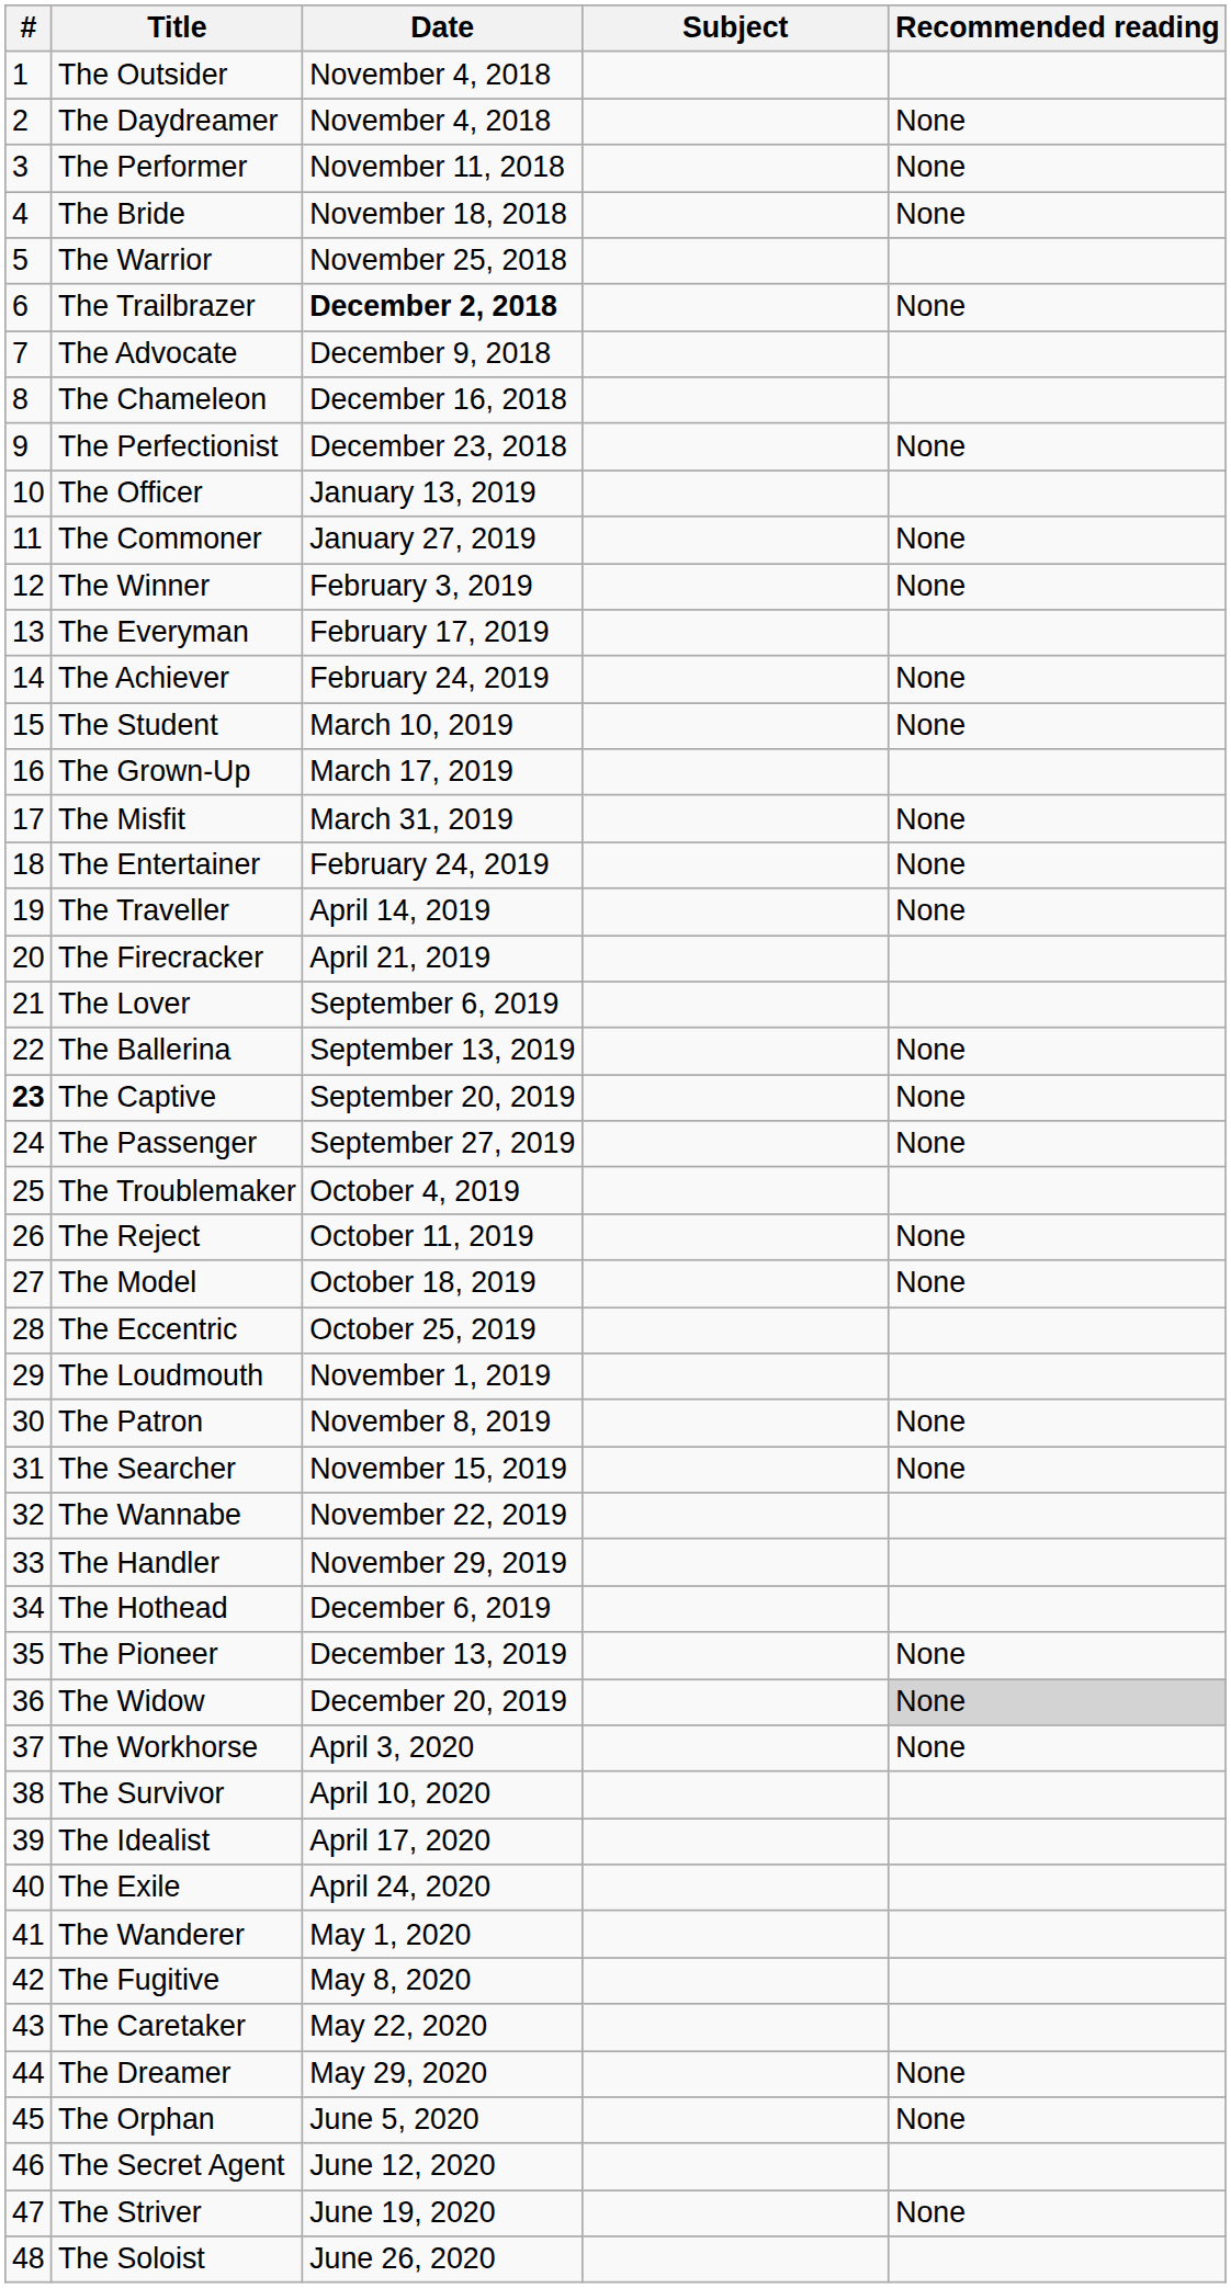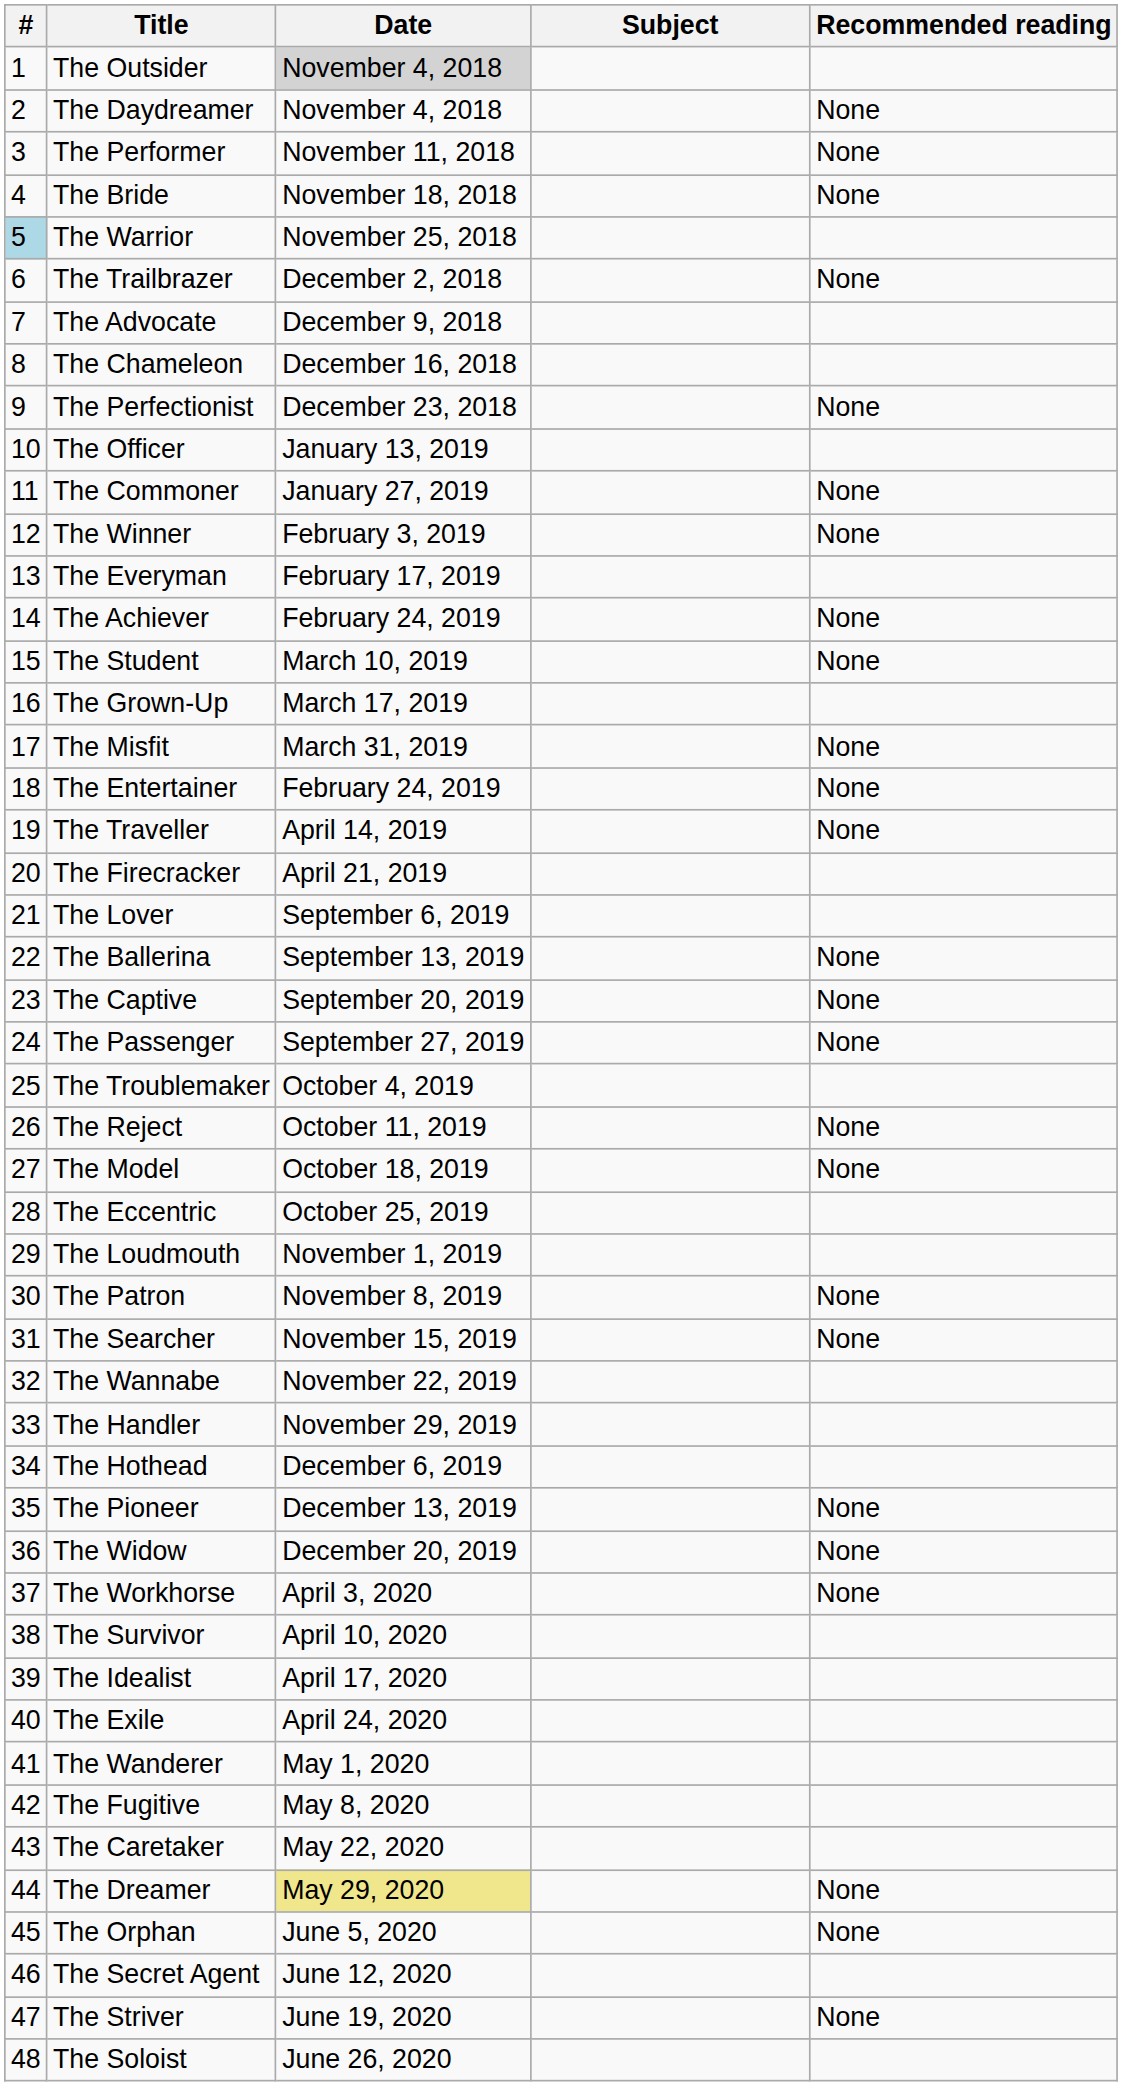 <table class="wikitable mw-collapsible mw-collapsed">
 <tr>
 <th>#</th>
 <th>Title</th>
 <th>Date</th>
 <th scope="col" style="width: 120pt;">Subject</th>
 <th>Recommended reading</th>
 </tr>
 <tr>
 <td>1</td>
 <td>The Outsider</td>
-<td>November 4, 2018</td>
+<td style="background: lightgrey;">November 4, 2018</td>
 <td></td>
 <td></td>
 </tr>
 <tr>
 <td>2</td>
 <td>The Daydreamer</td>
 <td>November 4, 2018</td>
 <td></td>
 <td>None</td>
 </tr>
 <tr>
 <td>3</td>
 <td>The Performer</td>
 <td>November 11, 2018</td>
 <td></td>
 <td>None</td>
 </tr>
 <tr>
 <td>4</td>
 <td>The Bride</td>
 <td>November 18, 2018</td>
 <td></td>
 <td>None</td>
 </tr>
 <tr>
-<td>5</td>
+<td style="background: lightblue;">5</td>
 <td>The Warrior</td>
 <td>November 25, 2018</td>
 <td></td>
 <td></td>
 </tr>
 <tr>
 <td>6</td>
 <td>The Trailbrazer</td>
-<td><strong>December 2, 2018</strong></td>
+<td>December 2, 2018</td>
 <td></td>
 <td>None</td>
 </tr>
 <tr>
 <td>7</td>
 <td>The Advocate</td>
 <td>December 9, 2018</td>
 <td></td>
 <td></td>
 </tr>
 <tr>
 <td>8</td>
 <td>The Chameleon</td>
 <td>December 16, 2018</td>
 <td></td>
 <td></td>
 </tr>
 <tr>
 <td>9</td>
 <td>The Perfectionist</td>
 <td>December 23, 2018</td>
 <td></td>
 <td>None</td>
 </tr>
 <tr>
 <td>10</td>
 <td>The Officer</td>
 <td>January 13, 2019</td>
 <td></td>
 <td></td>
 </tr>
 <tr>
 <td>11</td>
 <td>The Commoner</td>
 <td>January 27, 2019</td>
 <td></td>
 <td>None</td>
 </tr>
 <tr>
 <td>12</td>
 <td>The Winner</td>
 <td>February 3, 2019</td>
 <td></td>
 <td>None</td>
 </tr>
 <tr>
 <td>13</td>
 <td>The Everyman</td>
 <td>February 17, 2019</td>
 <td></td>
 <td></td>
 </tr>
 <tr>
 <td>14</td>
 <td>The Achiever</td>
 <td>February 24, 2019</td>
 <td></td>
 <td>None</td>
 </tr>
 <tr>
 <td>15</td>
 <td>The Student</td>
 <td>March 10, 2019</td>
 <td></td>
 <td>None</td>
 </tr>
 <tr>
 <td>16</td>
 <td>The Grown-Up</td>
 <td>March 17, 2019</td>
 <td></td>
 <td></td>
 </tr>
 <tr>
 <td>17</td>
 <td>The Misfit</td>
 <td>March 31, 2019</td>
 <td></td>
 <td>None</td>
 </tr>
 <tr>
 <td>18</td>
 <td>The Entertainer</td>
 <td>February 24, 2019</td>
 <td></td>
 <td>None</td>
 </tr>
 <tr>
 <td>19</td>
 <td>The Traveller</td>
 <td>April 14, 2019</td>
 <td></td>
 <td>None</td>
 </tr>
 <tr>
 <td>20</td>
 <td>The Firecracker</td>
 <td>April 21, 2019</td>
 <td></td>
 <td></td>
 </tr>
 <tr>
 <td>21</td>
 <td>The Lover</td>
 <td>September 6, 2019</td>
 <td></td>
 <td></td>
 </tr>
 <tr>
 <td>22</td>
 <td>The Ballerina</td>
 <td>September 13, 2019</td>
 <td></td>
 <td>None</td>
 </tr>
 <tr>
-<td><strong>23</strong></td>
+<td>23</td>
 <td>The Captive</td>
 <td>September 20, 2019</td>
 <td></td>
 <td>None</td>
 </tr>
 <tr>
 <td>24</td>
 <td>The Passenger</td>
 <td>September 27, 2019</td>
 <td></td>
 <td>None</td>
 </tr>
 <tr>
 <td>25</td>
 <td>The Troublemaker</td>
 <td>October 4, 2019</td>
 <td></td>
 <td></td>
 </tr>
 <tr>
 <td>26</td>
 <td>The Reject</td>
 <td>October 11, 2019</td>
 <td></td>
 <td>None</td>
 </tr>
 <tr>
 <td>27</td>
 <td>The Model</td>
 <td>October 18, 2019</td>
 <td></td>
 <td>None</td>
 </tr>
 <tr>
 <td>28</td>
 <td>The Eccentric</td>
 <td>October 25, 2019</td>
 <td></td>
 <td></td>
 </tr>
 <tr>
 <td>29</td>
 <td>The Loudmouth</td>
 <td>November 1, 2019</td>
 <td></td>
 <td></td>
 </tr>
 <tr>
 <td>30</td>
 <td>The Patron</td>
 <td>November 8, 2019</td>
 <td></td>
 <td>None</td>
 </tr>
 <tr>
 <td>31</td>
 <td>The Searcher</td>
 <td>November 15, 2019</td>
 <td></td>
 <td>None</td>
 </tr>
 <tr>
 <td>32</td>
 <td>The Wannabe</td>
 <td>November 22, 2019</td>
 <td></td>
 <td></td>
 </tr>
 <tr>
 <td>33</td>
 <td>The Handler</td>
 <td>November 29, 2019</td>
 <td></td>
 <td></td>
 </tr>
 <tr>
 <td>34</td>
 <td>The Hothead</td>
 <td>December 6, 2019</td>
 <td></td>
 <td></td>
 </tr>
 <tr>
 <td>35</td>
 <td>The Pioneer</td>
 <td>December 13, 2019</td>
 <td></td>
 <td>None</td>
 </tr>
 <tr>
 <td>36</td>
 <td>The Widow</td>
 <td>December 20, 2019</td>
 <td></td>
-<td style="background: lightgrey;">None</td>
+<td>None</td>
 </tr>
 <tr>
 <td>37</td>
 <td>The Workhorse</td>
 <td>April 3, 2020</td>
 <td></td>
 <td>None</td>
 </tr>
 <tr>
 <td>38</td>
 <td>The Survivor</td>
 <td>April 10, 2020</td>
 <td></td>
 <td></td>
 </tr>
 <tr>
 <td>39</td>
 <td>The Idealist</td>
 <td>April 17, 2020</td>
 <td></td>
 <td></td>
 </tr>
 <tr>
 <td>40</td>
 <td>The Exile</td>
 <td>April 24, 2020</td>
 <td></td>
 <td></td>
 </tr>
 <tr>
 <td>41</td>
 <td>The Wanderer</td>
 <td>May 1, 2020</td>
 <td></td>
 <td></td>
 </tr>
 <tr>
 <td>42</td>
 <td>The Fugitive</td>
 <td>May 8, 2020</td>
 <td></td>
 <td></td>
 </tr>
 <tr>
 <td>43</td>
 <td>The Caretaker</td>
 <td>May 22, 2020</td>
 <td></td>
 <td></td>
 </tr>
 <tr>
 <td>44</td>
 <td>The Dreamer</td>
-<td>May 29, 2020</td>
+<td style="background: khaki;">May 29, 2020</td>
 <td></td>
 <td>None</td>
 </tr>
 <tr>
 <td>45</td>
 <td>The Orphan</td>
 <td>June 5, 2020</td>
 <td></td>
 <td>None</td>
 </tr>
 <tr>
 <td>46</td>
 <td>The Secret Agent</td>
 <td>June 12, 2020</td>
 <td></td>
 <td></td>
 </tr>
 <tr>
 <td>47</td>
 <td>The Striver</td>
 <td>June 19, 2020</td>
 <td></td>
 <td>None</td>
 </tr>
 <tr>
 <td>48</td>
 <td>The Soloist</td>
 <td>June 26, 2020</td>
 <td></td>
 <td></td>
 </tr>
 </table>
